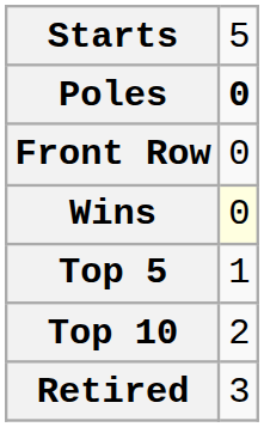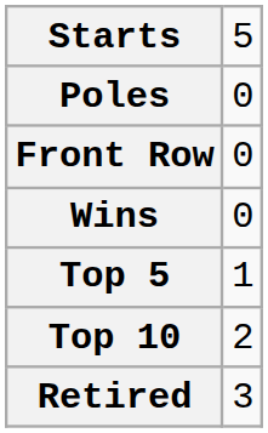 <table class="wikitable" style="text-align:center">
 <tr>
 <th>Starts</th>
 <td>5</td>
 </tr>
 <tr>
 <th>Poles</th>
-<td><strong>0</strong></td>
+<td>0</td>
 </tr>
 <tr>
 <th>Front Row</th>
 <td>0</td>
 </tr>
 <tr>
 <th>Wins</th>
-<td style="background: lightyellow;">0</td>
+<td>0</td>
 </tr>
 <tr>
 <th>Top 5</th>
 <td>1</td>
 </tr>
 <tr>
 <th>Top 10</th>
 <td>2</td>
 </tr>
 <tr>
 <th>Retired</th>
 <td>3</td>
 </tr>
 </table>
